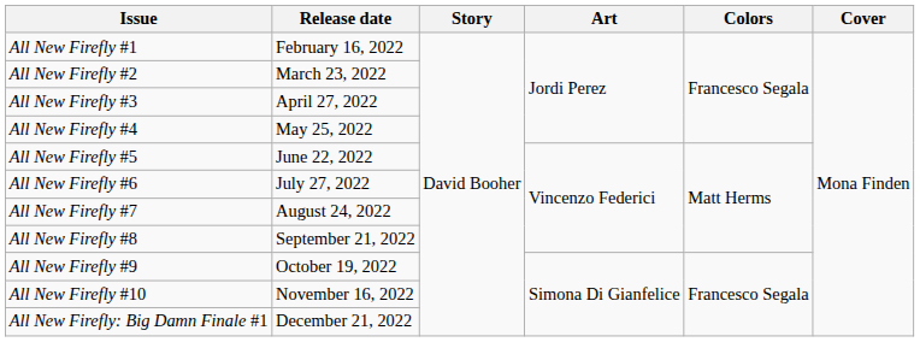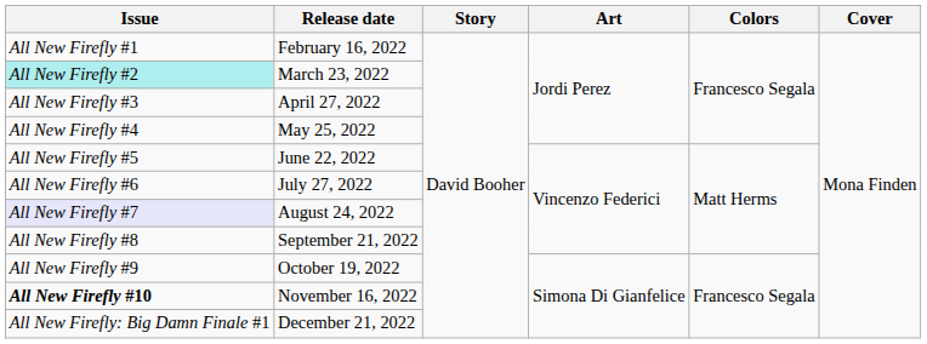 <table class="wikitable mw-collapsible"">
 <tr>
 <th>Issue</th>
 <th>Release date</th>
 <th>Story</th>
 <th>Art</th>
 <th>Colors</th>
 <th>Cover</th>
 </tr>
 <tr>
 <td><em>All New Firefly</em> #1</td>
 <td>February 16, 2022</td>
 <td rowspan="11">David Booher</td>
 <td rowspan="4">Jordi Perez</td>
 <td rowspan="4">Francesco Segala</td>
 <td rowspan="11">Mona Finden</td>
 </tr>
 <tr>
-<td><em>All New Firefly</em> #2</td>
+<td style="background: paleturquoise;"><em>All New Firefly</em> #2</td>
 <td>March 23, 2022</td>
 </tr>
 <tr>
 <td><em>All New Firefly</em> #3</td>
 <td>April 27, 2022</td>
 </tr>
 <tr>
 <td><em>All New Firefly</em> #4</td>
 <td>May 25, 2022</td>
 </tr>
 <tr>
 <td><em>All New Firefly</em> #5</td>
 <td>June 22, 2022</td>
 <td rowspan="4">Vincenzo Federici</td>
 <td rowspan="4">Matt Herms</td>
 </tr>
 <tr>
 <td><em>All New Firefly</em> #6</td>
 <td>July 27, 2022</td>
 </tr>
 <tr>
-<td><em>All New Firefly</em> #7</td>
+<td style="background: lavender;"><em>All New Firefly</em> #7</td>
 <td>August 24, 2022</td>
 </tr>
 <tr>
 <td><em>All New Firefly</em> #8</td>
 <td>September 21, 2022</td>
 </tr>
 <tr>
 <td><em>All New Firefly</em> #9</td>
 <td>October 19, 2022</td>
 <td rowspan="3">Simona Di Gianfelice</td>
 <td rowspan="3">Francesco Segala</td>
 </tr>
 <tr>
-<td><em>All New Firefly</em> #10</td>
+<td><strong><em>All New Firefly</em> #10</strong></td>
 <td>November 16, 2022</td>
 </tr>
 <tr>
 <td><em>All New Firefly: Big Damn Finale</em> #1</td>
 <td>December 21, 2022</td>
 </tr>
 </table>
